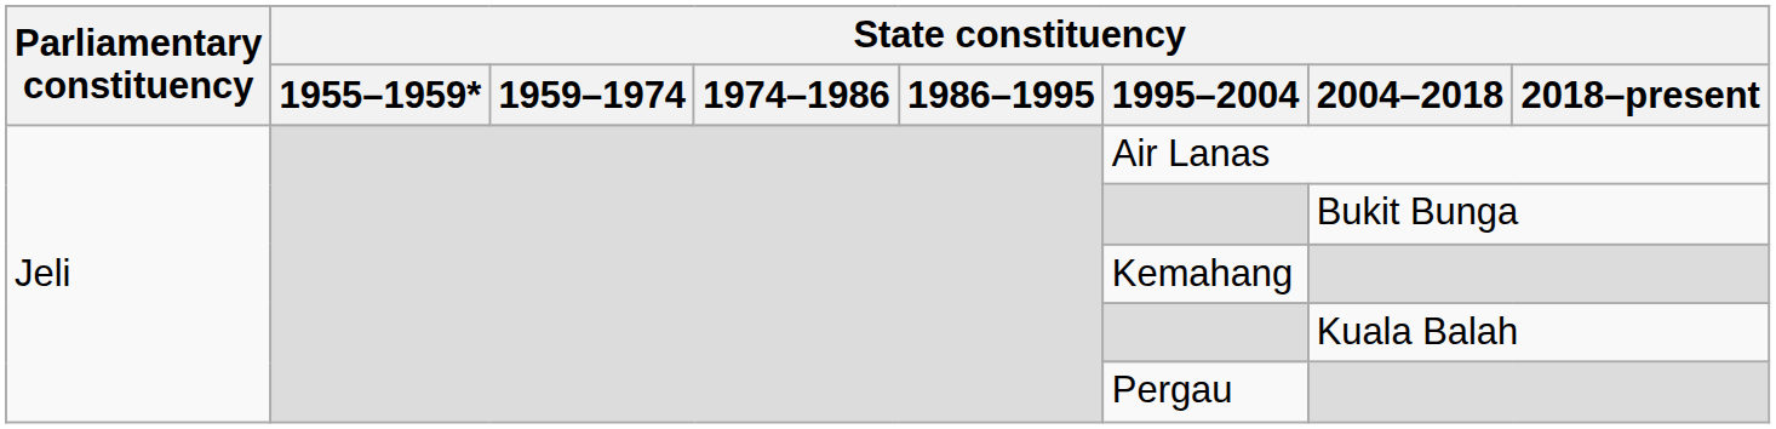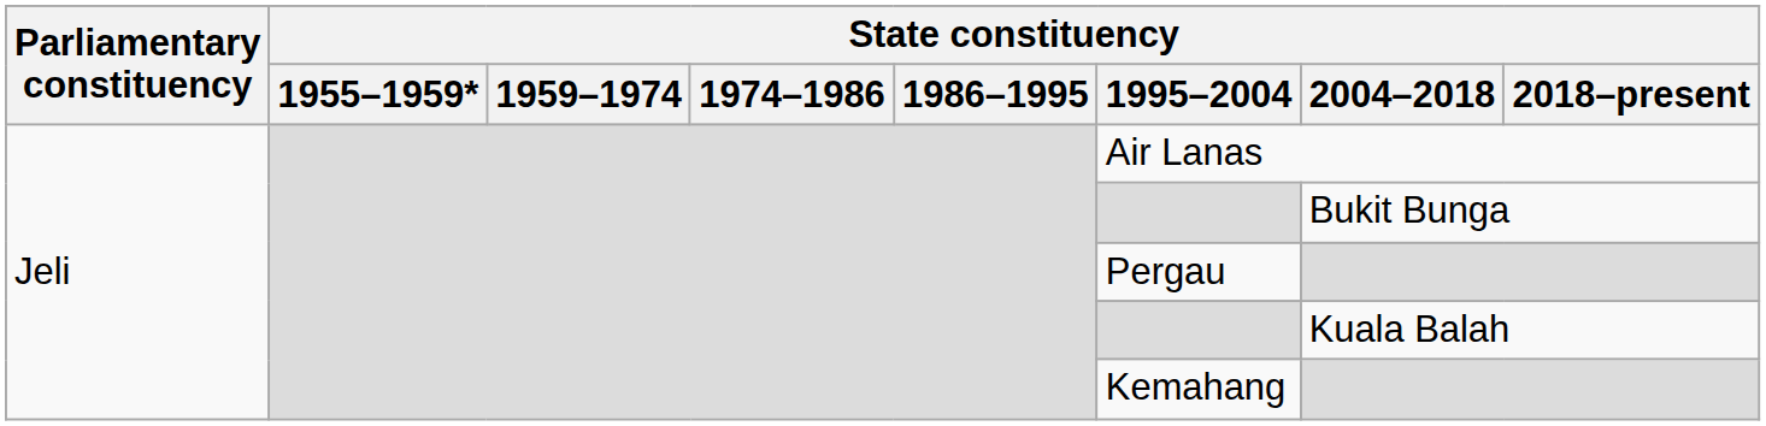 <table class="wikitable">
 <tr>
 <th rowspan="2">Parliamentary<br>constituency</th>
 <th colspan="7">State constituency</th>
 </tr>
 <tr>
 <th>1955–1959*</th>
 <th>1959–1974</th>
 <th>1974–1986</th>
 <th>1986–1995</th>
 <th>1995–2004</th>
 <th>2004–2018</th>
 <th>2018–present</th>
 </tr>
 <tr>
 <td rowspan="5">Jeli</td>
 <td colspan="4" rowspan="5" bgcolor="dcdcdc"></td>
 <td colspan="3">Air Lanas</td>
 </tr>
 <tr>
 <td bgcolor="dcdcdc"></td>
 <td colspan="2">Bukit Bunga</td>
 </tr>
 <tr>
-<td>Kemahang</td>
+<td>Pergau</td>
 <td colspan="2" bgcolor="dcdcdc"></td>
 </tr>
 <tr>
 <td bgcolor="dcdcdc"></td>
 <td colspan="2">Kuala Balah</td>
 </tr>
 <tr>
-<td>Pergau</td>
+<td>Kemahang</td>
 <td colspan="2" bgcolor="dcdcdc"></td>
 </tr>
 </table>
